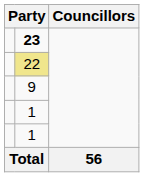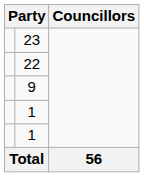 <table class="wikitable">
 <tr>
 <th colspan=2>Party</th>
 <th>Councillors</th>
 </tr>
 <tr>
 <td></td>
-<td align=center><strong>23</strong></td>
+<td align=center>23</td>
 </tr>
 <tr>
 <td></td>
-<td align=center style="background: khaki;">22</td>
+<td align=center>22</td>
 </tr>
 <tr>
 <td></td>
 <td align=center>9</td>
 </tr>
 <tr>
 <td></td>
 <td align=center>1</td>
 </tr>
 <tr>
 <td></td>
 <td align=center>1</td>
 </tr>
 <tr>
 <th colspan=2>Total</th>
 <th align=center>56</th>
 </tr>
 </table>
